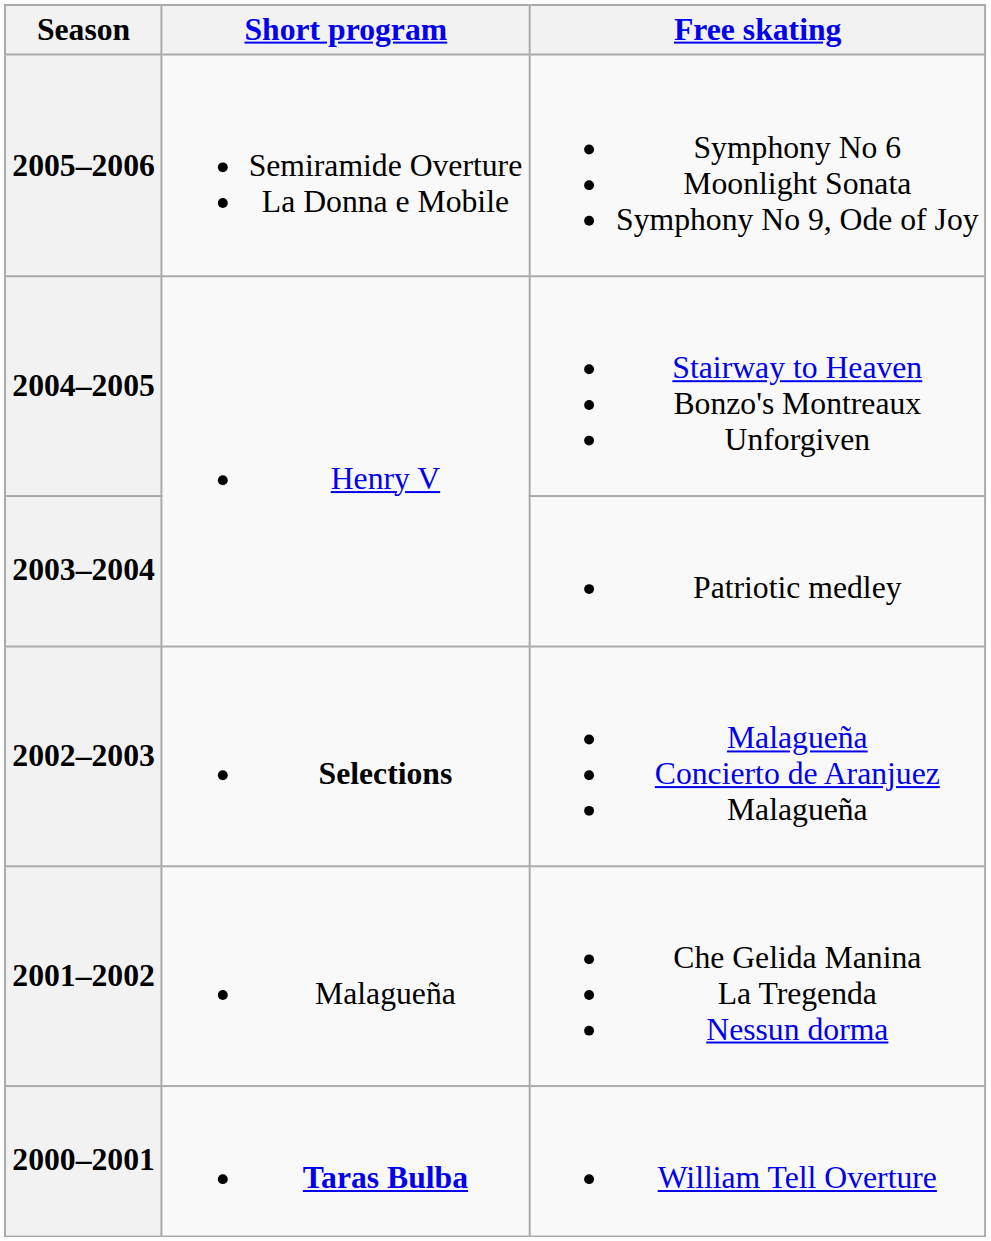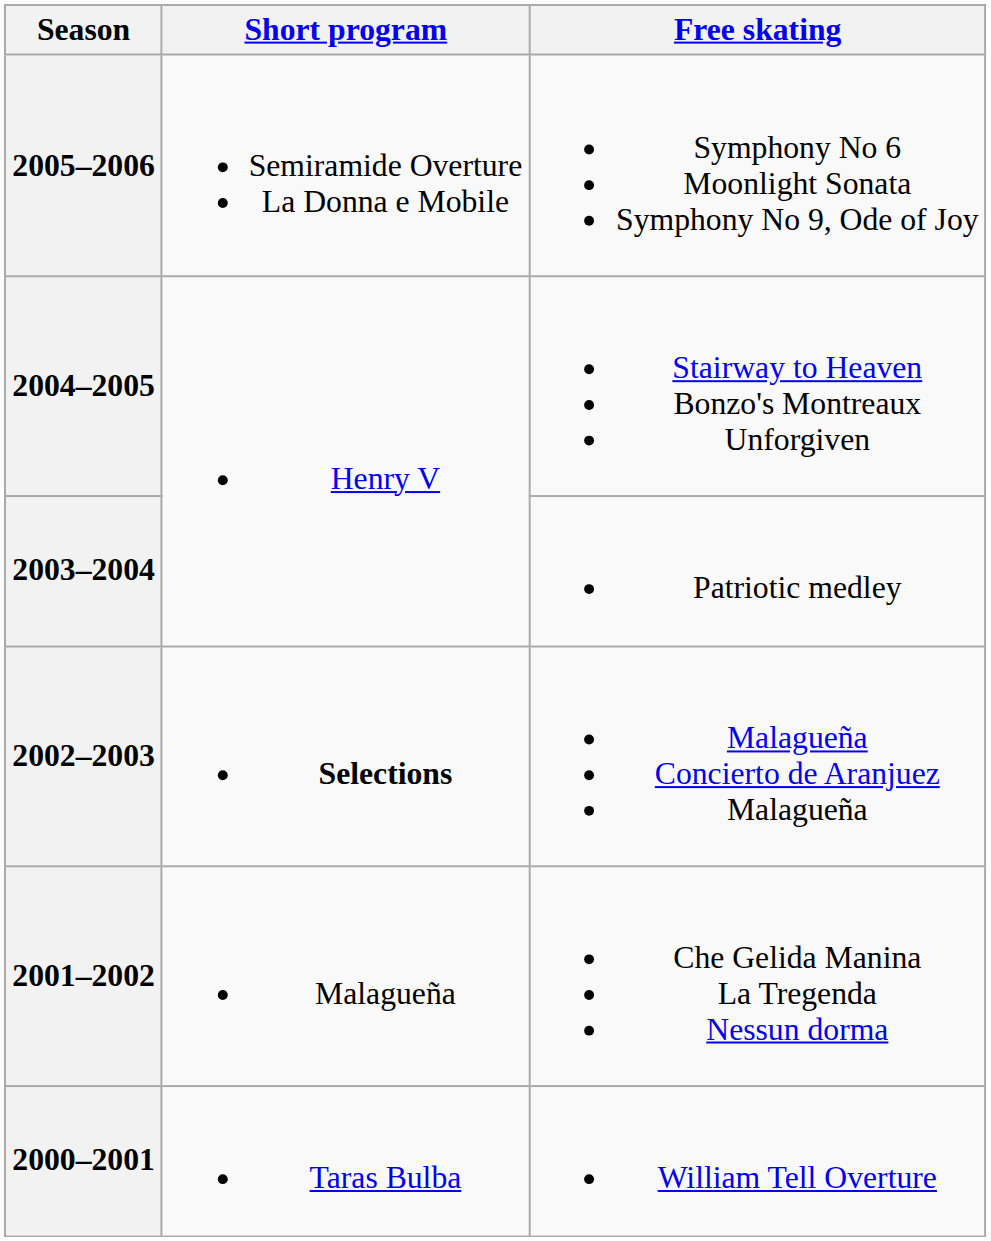 <table class=wikitable style=text-align:center>
 <tr>
 <th>Season</th>
 <th><a href='#'>Short program</a></th>
 <th><a href='#'>Free skating</a></th>
 </tr>
 <tr>
 <th>2005–2006 <br> </th>
 <td><br><ul><li>Semiramide Overture <br></li><li>La Donna e Mobile <br></li></ul></td>
 <td><br><ul><li>Symphony No 6 <br></li><li>Moonlight Sonata <br></li><li>Symphony No 9, Ode of Joy <br></li></ul></td>
 </tr>
 <tr>
 <th>2004–2005 <br> </th>
 <td rowspan=2><br><ul><li><a href='#'>Henry V</a> <br></li></ul></td>
 <td><br><ul><li><a href='#'>Stairway to Heaven</a> <br></li><li>Bonzo's Montreaux <br></li><li>Unforgiven <br></li></ul></td>
 </tr>
 <tr>
 <th>2003–2004 <br> </th>
 <td><br><ul><li>Patriotic medley</li></ul></td>
 </tr>
 <tr>
 <th>2002–2003 <br> </th>
 <td><strong><br><ul><li>Selections <br></li></ul></strong></td>
 <td><br><ul><li><a href='#'>Malagueña</a> <br></li><li><a href='#'>Concierto de Aranjuez</a> <br></li><li>Malagueña <br></li></ul></td>
 </tr>
 <tr>
 <th>2001–2002 <br> </th>
 <td><br><ul><li>Malagueña <br></li></ul></td>
 <td><br><ul><li>Che Gelida Manina <br></li><li>La Tregenda <br></li><li><a href='#'>Nessun dorma</a> <br></li></ul></td>
 </tr>
 <tr>
 <th>2000–2001 <br> </th>
-<td><strong><br><ul><li><a href='#'>Taras Bulba</a> <br></li></ul></strong></td>
+<td><br><ul><li><a href='#'>Taras Bulba</a> <br></li></ul></td>
 <td><br><ul><li><a href='#'>William Tell Overture</a> <br></li></ul></td>
 </tr>
 </table>
